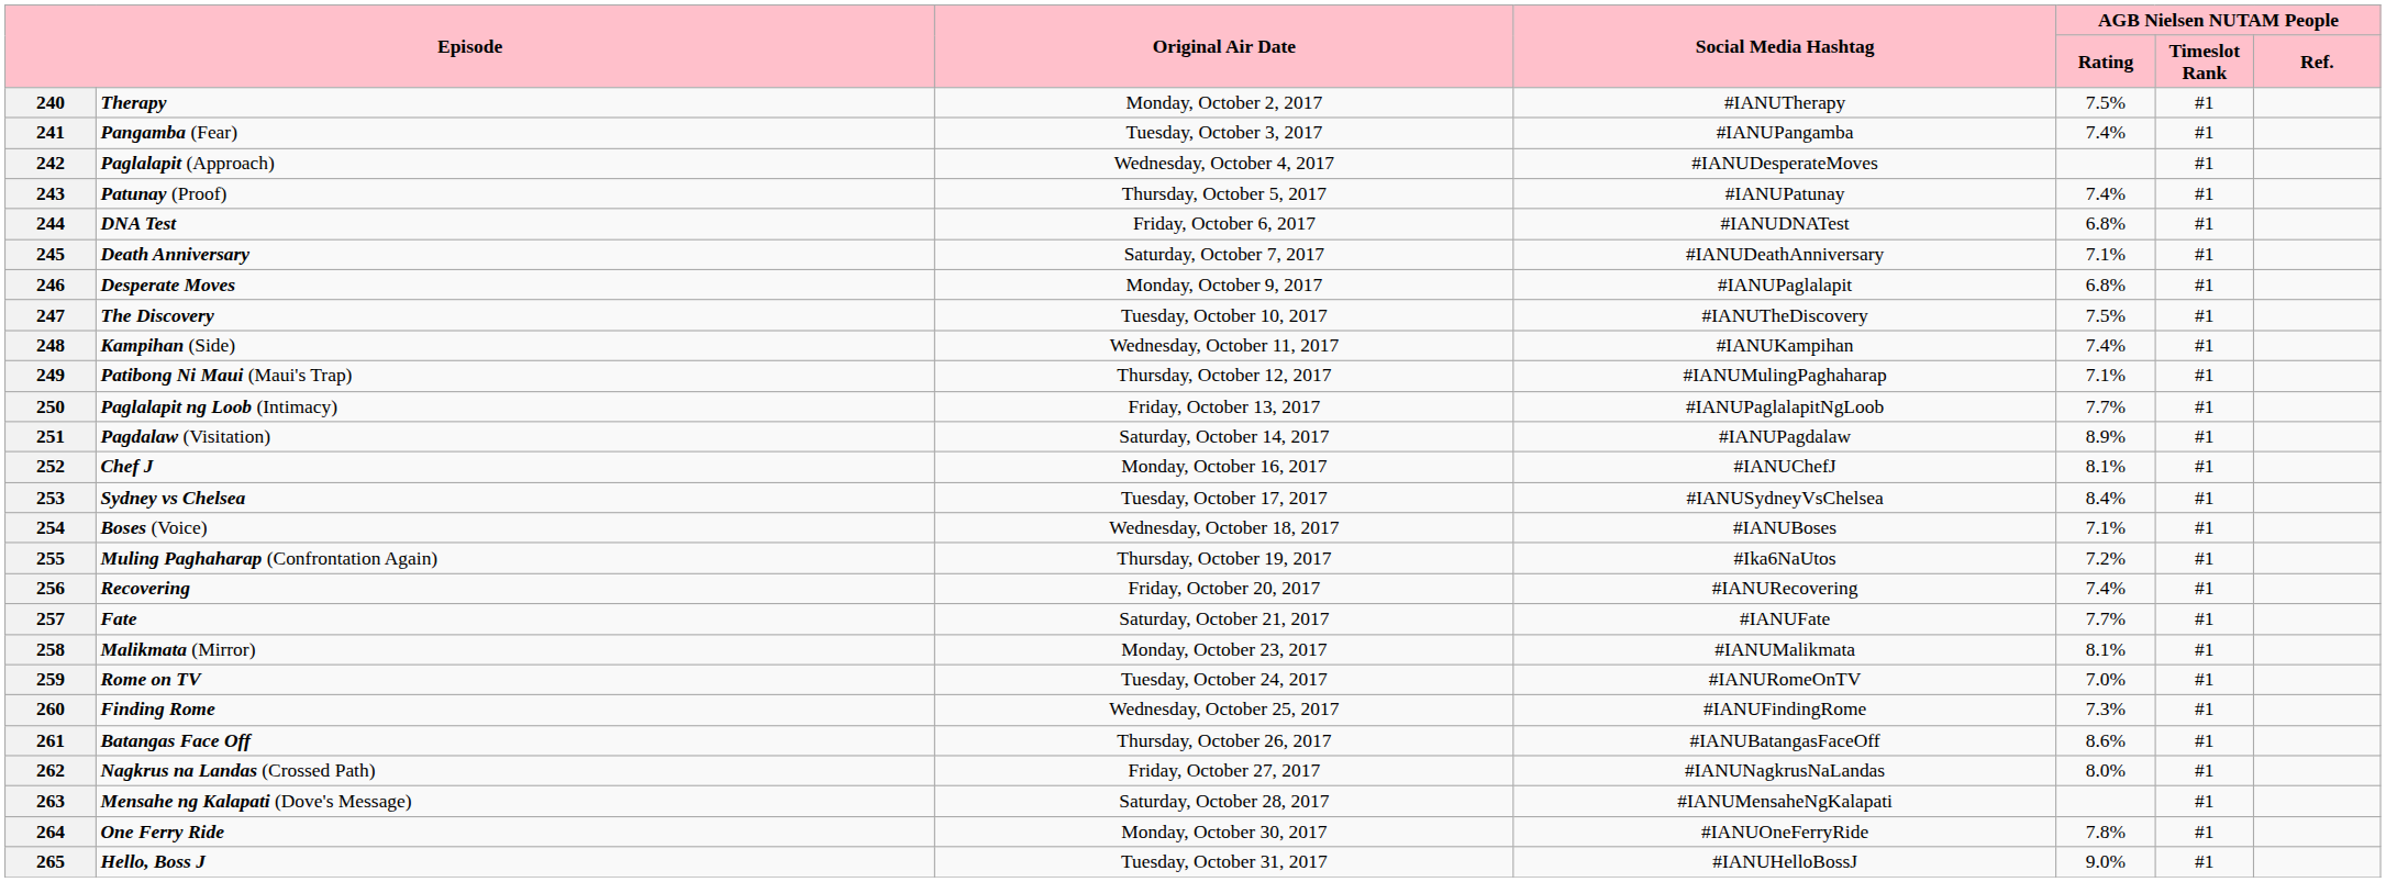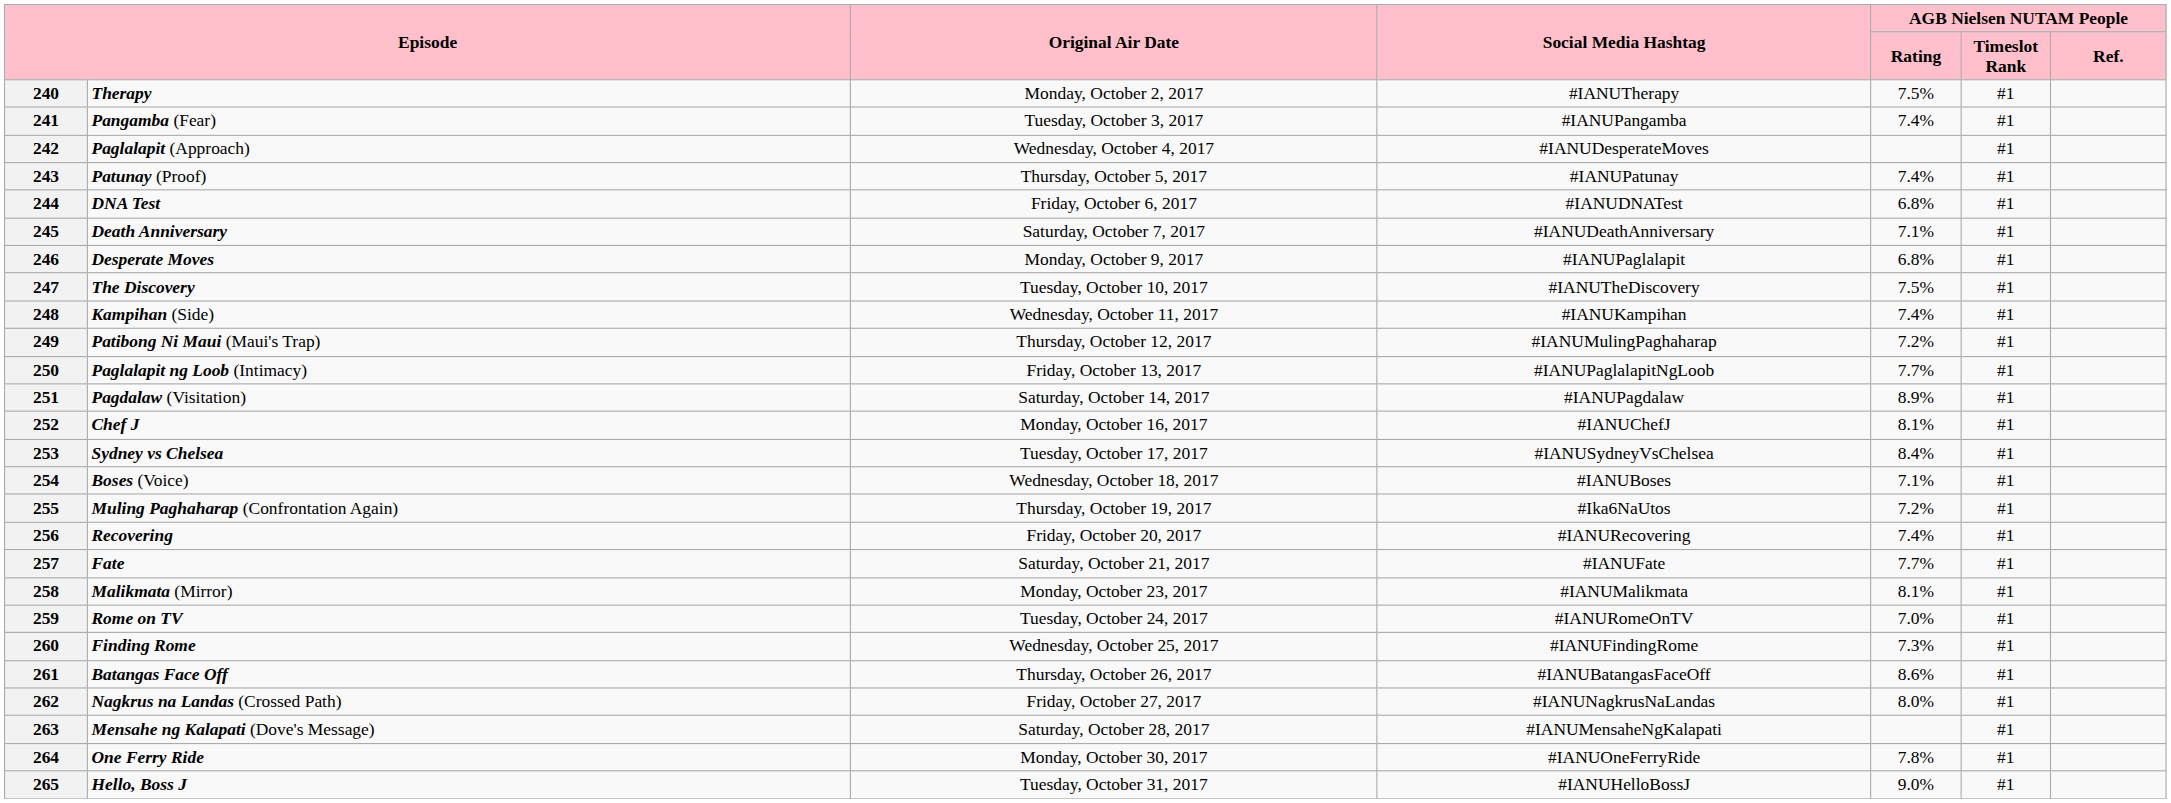 <table class="wikitable" style="text-align:center; font-size:100%; line-height:18px;"  width="100%">
 <tr>
 <th colspan="2" rowspan="2" style="background-color:#FFC0CB; color:#000000;">Episode</th>
 <th style="background:#FFC0CB; color:black" rowspan="2">Original Air Date</th>
 <th style="background:#FFC0CB; color:black" rowspan="2">Social Media Hashtag</th>
 <th style="background-color:#FFC0CB; color:#000000;" colspan="3">AGB Nielsen NUTAM People</th>
 </tr>
 <tr>
 <th style="background-color:#FFC0CB; width:75px; color:#000000;">Rating</th>
 <th style="background-color:#FFC0CB; width:75px; color:#000000;">Timeslot<br>Rank</th>
 <th style="background-color:#FFC0CB; color:#000000;">Ref.</th>
 </tr>
 <tr>
 <th>240</th>
 <td style="text-align: left;"><strong><em>Therapy</em></strong></td>
 <td>Monday, October 2, 2017</td>
 <td>#IANUTherapy</td>
 <td>7.5%</td>
 <td>#1</td>
 <td></td>
 </tr>
 <tr>
 <th>241</th>
 <td style="text-align: left;"><strong><em>Pangamba</em></strong> (Fear)</td>
 <td>Tuesday, October 3, 2017</td>
 <td>#IANUPangamba</td>
 <td>7.4%</td>
 <td>#1</td>
 <td></td>
 </tr>
 <tr>
 <th>242</th>
 <td style="text-align: left;"><strong><em>Paglalapit</em></strong> (Approach)</td>
 <td>Wednesday, October 4, 2017</td>
 <td>#IANUDesperateMoves</td>
 <td></td>
 <td>#1</td>
 <td></td>
 </tr>
 <tr>
 <th>243</th>
 <td style="text-align: left;"><strong><em>Patunay</em></strong> (Proof)</td>
 <td>Thursday, October 5, 2017</td>
 <td>#IANUPatunay</td>
 <td>7.4%</td>
 <td>#1</td>
 <td></td>
 </tr>
 <tr>
 <th>244</th>
 <td style="text-align: left;"><strong><em>DNA Test</em></strong></td>
 <td>Friday, October 6, 2017</td>
 <td>#IANUDNATest</td>
 <td>6.8%</td>
 <td>#1</td>
 <td></td>
 </tr>
 <tr>
 <th>245</th>
 <td style="text-align: left;"><strong><em>Death Anniversary</em></strong></td>
 <td>Saturday, October 7, 2017</td>
 <td>#IANUDeathAnniversary</td>
 <td>7.1%</td>
 <td>#1</td>
 <td></td>
 </tr>
 <tr>
 <th>246</th>
 <td style="text-align: left;"><strong><em>Desperate Moves</em></strong></td>
 <td>Monday, October 9, 2017</td>
 <td>#IANUPaglalapit</td>
 <td>6.8%</td>
 <td>#1</td>
 <td></td>
 </tr>
 <tr>
 <th>247</th>
 <td style="text-align: left;"><strong><em>The Discovery</em></strong></td>
 <td>Tuesday, October 10, 2017</td>
 <td>#IANUTheDiscovery</td>
 <td>7.5%</td>
 <td>#1</td>
 <td></td>
 </tr>
 <tr>
 <th>248</th>
 <td style="text-align: left;"><strong><em>Kampihan</em></strong> (Side)</td>
 <td>Wednesday, October 11, 2017</td>
 <td>#IANUKampihan</td>
 <td>7.4%</td>
 <td>#1</td>
 <td></td>
 </tr>
 <tr>
 <th>249</th>
 <td style="text-align: left;"><strong><em>Patibong Ni Maui</em></strong> (Maui's Trap)</td>
 <td>Thursday, October 12, 2017</td>
 <td>#IANUMulingPaghaharap</td>
-<td>7.1%</td>
+<td>7.2%</td>
 <td>#1</td>
 <td></td>
 </tr>
 <tr>
 <th>250</th>
 <td style="text-align: left;"><strong><em>Paglalapit ng Loob</em></strong> (Intimacy)</td>
 <td>Friday, October 13, 2017</td>
 <td>#IANUPaglalapitNgLoob</td>
 <td>7.7%</td>
 <td>#1</td>
 <td></td>
 </tr>
 <tr>
 <th>251</th>
 <td style="text-align: left;"><strong><em>Pagdalaw</em></strong> (Visitation)</td>
 <td>Saturday, October 14, 2017</td>
 <td>#IANUPagdalaw</td>
 <td>8.9%</td>
 <td>#1</td>
 <td></td>
 </tr>
 <tr>
 <th>252</th>
 <td style="text-align: left;"><strong><em>Chef J</em></strong></td>
 <td>Monday, October 16, 2017</td>
 <td>#IANUChefJ</td>
 <td>8.1%</td>
 <td>#1</td>
 <td></td>
 </tr>
 <tr>
 <th>253</th>
 <td style="text-align: left;"><strong><em>Sydney vs Chelsea</em></strong></td>
 <td>Tuesday, October 17, 2017</td>
 <td>#IANUSydneyVsChelsea</td>
 <td>8.4%</td>
 <td>#1</td>
 <td></td>
 </tr>
 <tr>
 <th>254</th>
 <td style="text-align: left;"><strong><em>Boses</em></strong> (Voice)</td>
 <td>Wednesday, October 18, 2017</td>
 <td>#IANUBoses</td>
 <td>7.1%</td>
 <td>#1</td>
 <td></td>
 </tr>
 <tr>
 <th>255</th>
 <td style="text-align: left;"><strong><em>Muling Paghaharap</em></strong> (Confrontation Again)</td>
 <td>Thursday, October 19, 2017</td>
 <td>#Ika6NaUtos</td>
 <td>7.2%</td>
 <td>#1</td>
 <td></td>
 </tr>
 <tr>
 <th>256</th>
 <td style="text-align: left;"><strong><em>Recovering</em></strong></td>
 <td>Friday, October 20, 2017</td>
 <td>#IANURecovering</td>
 <td>7.4%</td>
 <td>#1</td>
 <td></td>
 </tr>
 <tr>
 <th>257</th>
 <td style="text-align: left;"><strong><em>Fate</em></strong></td>
 <td>Saturday, October 21, 2017</td>
 <td>#IANUFate</td>
 <td>7.7%</td>
 <td>#1</td>
 <td></td>
 </tr>
 <tr>
 <th>258</th>
 <td style="text-align: left;"><strong><em>Malikmata</em></strong> (Mirror)</td>
 <td>Monday, October 23, 2017</td>
 <td>#IANUMalikmata</td>
 <td>8.1%</td>
 <td>#1</td>
 <td></td>
 </tr>
 <tr>
 <th>259</th>
 <td style="text-align: left;"><strong><em>Rome on TV</em></strong></td>
 <td>Tuesday, October 24, 2017</td>
 <td>#IANURomeOnTV</td>
 <td>7.0%</td>
 <td>#1</td>
 <td></td>
 </tr>
 <tr>
 <th>260</th>
 <td style="text-align: left;"><strong><em>Finding Rome</em></strong></td>
 <td>Wednesday, October 25, 2017</td>
 <td>#IANUFindingRome</td>
 <td>7.3%</td>
 <td>#1</td>
 <td></td>
 </tr>
 <tr>
 <th>261</th>
 <td style="text-align: left;"><strong><em>Batangas Face Off</em></strong></td>
 <td>Thursday, October 26, 2017</td>
 <td>#IANUBatangasFaceOff</td>
 <td>8.6%</td>
 <td>#1</td>
 <td></td>
 </tr>
 <tr>
 <th>262</th>
 <td style="text-align: left;"><strong><em>Nagkrus na Landas</em></strong> (Crossed Path)</td>
 <td>Friday, October 27, 2017</td>
 <td>#IANUNagkrusNaLandas</td>
 <td>8.0%</td>
 <td>#1</td>
 <td></td>
 </tr>
 <tr>
 <th>263</th>
 <td style="text-align: left;"><strong><em>Mensahe ng Kalapati</em></strong> (Dove's Message)</td>
 <td>Saturday, October 28, 2017</td>
 <td>#IANUMensaheNgKalapati</td>
 <td></td>
 <td>#1</td>
 <td></td>
 </tr>
 <tr>
 <th>264</th>
 <td style="text-align: left;"><strong><em>One Ferry Ride</em></strong></td>
 <td>Monday, October 30, 2017</td>
 <td>#IANUOneFerryRide</td>
 <td>7.8%</td>
 <td>#1</td>
 <td></td>
 </tr>
 <tr>
 <th>265</th>
 <td style="text-align: left;"><strong><em>Hello, Boss J</em></strong></td>
 <td>Tuesday, October 31, 2017</td>
 <td>#IANUHelloBossJ</td>
 <td>9.0%</td>
 <td>#1</td>
 <td></td>
 </tr>
 <tr>
 </tr>
 </table>
